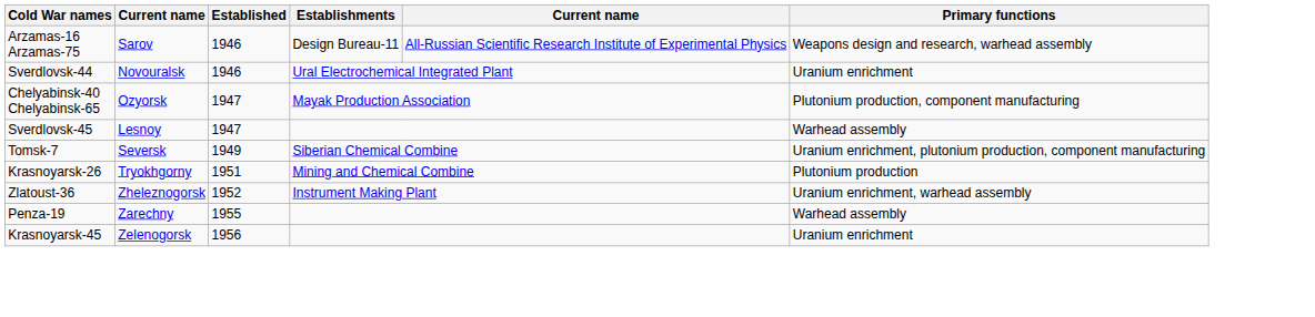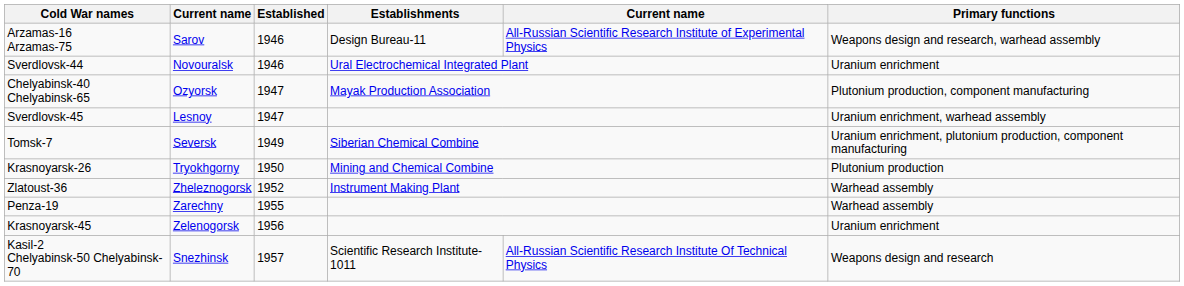 <table class="wikitable sortable mw-collapsible">
 <tr>
 <th>Cold War names</th>
 <th>Current name</th>
 <th>Established</th>
 <th>Establishments</th>
 <th>Current name</th>
 <th>Primary functions</th>
 </tr>
 <tr>
 <td>Arzamas-16<br>Arzamas-75</td>
 <td><a href='#'>Sarov</a></td>
 <td>1946</td>
 <td>Design Bureau-11</td>
 <td><a href='#'>All-Russian Scientific Research Institute of Experimental Physics</a></td>
 <td>Weapons design and research, warhead assembly</td>
 </tr>
 <tr>
 <td>Sverdlovsk-44</td>
 <td><a href='#'>Novouralsk</a></td>
 <td>1946</td>
 <td colspan="2"><a href='#'>Ural Electrochemical Integrated Plant</a></td>
 <td>Uranium enrichment</td>
 </tr>
 <tr>
 <td>Chelyabinsk-40<br>Chelyabinsk-65</td>
 <td><a href='#'>Ozyorsk</a></td>
 <td>1947</td>
 <td colspan="2"><a href='#'>Mayak Production Association</a></td>
 <td>Plutonium production, component manufacturing</td>
 </tr>
 <tr>
 <td>Sverdlovsk-45</td>
 <td><a href='#'>Lesnoy</a></td>
 <td>1947</td>
 <td colspan="2"></td>
-<td>Warhead assembly</td>
+<td>Uranium enrichment, warhead assembly</td>
 </tr>
 <tr>
 <td>Tomsk-7</td>
 <td><a href='#'>Seversk</a></td>
 <td>1949</td>
 <td colspan="2"><a href='#'>Siberian Chemical Combine</a></td>
 <td>Uranium enrichment, plutonium production, component manufacturing</td>
 </tr>
 <tr>
 <td>Krasnoyarsk-26</td>
 <td><a href='#'>Tryokhgorny</a></td>
-<td>1951</td>
+<td>1950</td>
 <td colspan="2"><a href='#'>Mining and Chemical Combine</a></td>
 <td>Plutonium production</td>
 </tr>
 <tr>
 <td>Zlatoust-36</td>
 <td><a href='#'>Zheleznogorsk</a></td>
 <td>1952</td>
 <td colspan="2"><a href='#'>Instrument Making Plant</a></td>
-<td>Uranium enrichment, warhead assembly</td>
+<td>Warhead assembly</td>
 </tr>
 <tr>
 <td>Penza-19</td>
 <td><a href='#'>Zarechny</a></td>
 <td>1955</td>
 <td colspan="2"></td>
 <td>Warhead assembly</td>
 </tr>
 <tr>
 <td>Krasnoyarsk-45</td>
 <td><a href='#'>Zelenogorsk</a></td>
 <td>1956</td>
 <td colspan="2"></td>
 <td>Uranium enrichment</td>
 </tr>
+<tr>
+<td>Kasil-2<br>Chelyabinsk-50 Chelyabinsk-70</td>
+<td><a href='#'>Snezhinsk</a></td>
+<td>1957</td>
+<td>Scientific Research Institute-1011</td>
+<td><a href='#'>All-Russian Scientific Research Institute Of Technical Physics</a></td>
+<td>Weapons design and research</td>
+</tr>
 </table>
